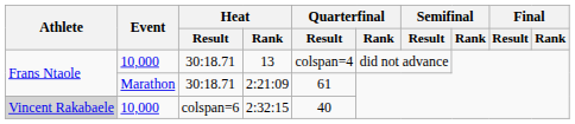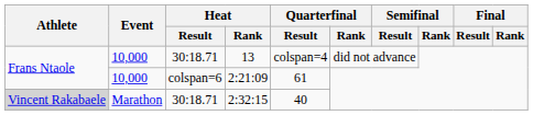 <table class="wikitable" style="font-size:90%">
 <tr>
 <th rowspan="2">Athlete</th>
 <th rowspan="2">Event</th>
 <th colspan="2">Heat</th>
 <th colspan="2">Quarterfinal</th>
 <th colspan="2">Semifinal</th>
 <th colspan="2">Final</th>
 </tr>
 <tr style="font-size:95%">
 <th>Result</th>
 <th>Rank</th>
 <th>Result</th>
 <th>Rank</th>
 <th>Result</th>
 <th>Rank</th>
 <th>Result</th>
 <th>Rank</th>
 </tr>
 <tr align=center>
 <td style="text-align:left;" rowspan="2"><a href='#'>Frans Ntaole</a></td>
 <td align=left><a href='#'>10,000</a></td>
 <td>30:18.71</td>
 <td>13</td>
 <td>colspan=4 </td>
 <td colspan=2>did not advance</td>
 </tr>
 <tr align=center>
-<td align=left><a href='#'>Marathon</a></td>
-<td>30:18.71</td>
+<td align=left><a href='#'>10,000</a></td>
+<td>colspan=6 </td>
 <td>2:21:09</td>
 <td>61</td>
 </tr>
 <tr align=center>
 <td align=left style="background: lightgrey;"><a href='#'>Vincent Rakabaele</a></td>
-<td align=left><a href='#'>10,000</a></td>
-<td>colspan=6 </td>
+<td align=left><a href='#'>Marathon</a></td>
+<td>30:18.71</td>
 <td>2:32:15</td>
 <td>40</td>
 </tr>
 </table>
